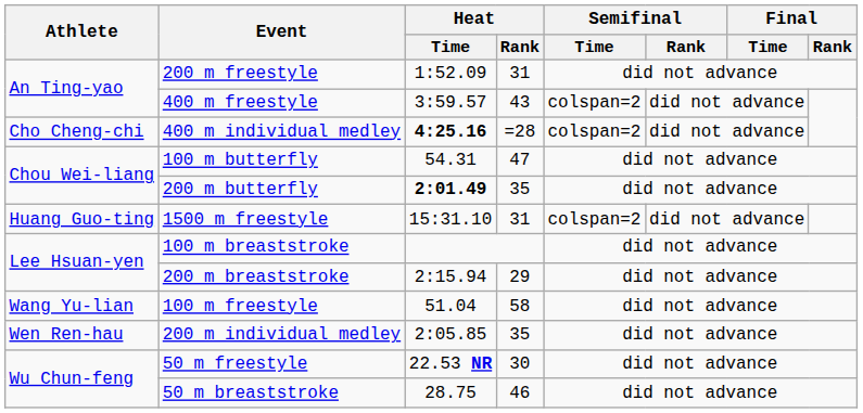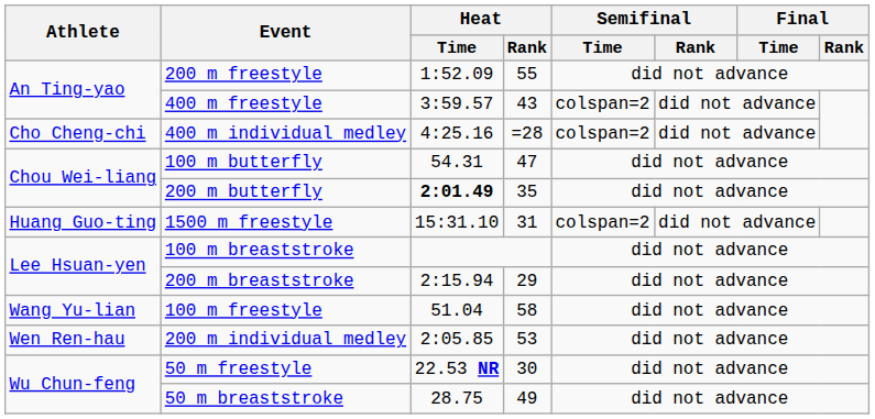 <table class=wikitable style="font-size:90%">
 <tr>
 <th rowspan="2">Athlete</th>
 <th rowspan="2">Event</th>
 <th colspan="2">Heat</th>
 <th colspan="2">Semifinal</th>
 <th colspan="2">Final</th>
 </tr>
 <tr style="font-size:95%">
 <th>Time</th>
 <th>Rank</th>
 <th>Time</th>
 <th>Rank</th>
 <th>Time</th>
 <th>Rank</th>
 </tr>
 <tr align=center>
 <td align=left rowspan=2><a href='#'>An Ting-yao</a></td>
 <td align=left><a href='#'>200 m freestyle</a></td>
 <td>1:52.09</td>
-<td>31</td>
+<td>55</td>
 <td colspan=4>did not advance</td>
 </tr>
 <tr align=center>
 <td align=left><a href='#'>400 m freestyle</a></td>
 <td>3:59.57</td>
 <td>43</td>
 <td>colspan=2 </td>
 <td colspan=2>did not advance</td>
 </tr>
 <tr align=center>
 <td align=left><a href='#'>Cho Cheng-chi</a></td>
 <td align=left><a href='#'>400 m individual medley</a></td>
-<td><strong>4:25.16</strong></td>
+<td>4:25.16</td>
 <td>=28</td>
 <td>colspan=2 </td>
 <td colspan=2>did not advance</td>
 </tr>
 <tr align=center>
 <td align=left rowspan=2><a href='#'>Chou Wei-liang</a></td>
 <td align=left><a href='#'>100 m butterfly</a></td>
 <td>54.31</td>
 <td>47</td>
 <td colspan=4>did not advance</td>
 </tr>
 <tr align=center>
 <td align=left><a href='#'>200 m butterfly</a></td>
 <td><strong>2:01.49</strong></td>
 <td>35</td>
 <td colspan=4>did not advance</td>
 </tr>
 <tr align=center>
 <td align=left><a href='#'>Huang Guo-ting</a></td>
 <td align=left><a href='#'>1500 m freestyle</a></td>
 <td>15:31.10</td>
 <td>31</td>
 <td>colspan=2 </td>
 <td colspan=2>did not advance</td>
 </tr>
 <tr align=center>
 <td align=left rowspan=2><a href='#'>Lee Hsuan-yen</a></td>
 <td align=left><a href='#'>100 m breaststroke</a></td>
 <td colspan=2></td>
 <td colspan=4>did not advance</td>
 </tr>
 <tr align=center>
 <td align=left><a href='#'>200 m breaststroke</a></td>
 <td>2:15.94</td>
 <td>29</td>
 <td colspan=4>did not advance</td>
 </tr>
 <tr align=center>
 <td align=left><a href='#'>Wang Yu-lian</a></td>
 <td align=left><a href='#'>100 m freestyle</a></td>
 <td>51.04</td>
 <td>58</td>
 <td colspan=4>did not advance</td>
 </tr>
 <tr align=center>
 <td align=left><a href='#'>Wen Ren-hau</a></td>
 <td align=left><a href='#'>200 m individual medley</a></td>
 <td>2:05.85</td>
-<td>35</td>
+<td>53</td>
 <td colspan=4>did not advance</td>
 </tr>
 <tr align=center>
 <td align=left rowspan=2><a href='#'>Wu Chun-feng</a></td>
 <td align=left><a href='#'>50 m freestyle</a></td>
 <td>22.53 <strong><a href='#'>NR</a></strong></td>
 <td>30</td>
 <td colspan=4>did not advance</td>
 </tr>
 <tr align=center>
 <td align=left><a href='#'>50 m breaststroke</a></td>
 <td>28.75</td>
-<td>46</td>
+<td>49</td>
 <td colspan=4>did not advance</td>
 </tr>
 </table>
